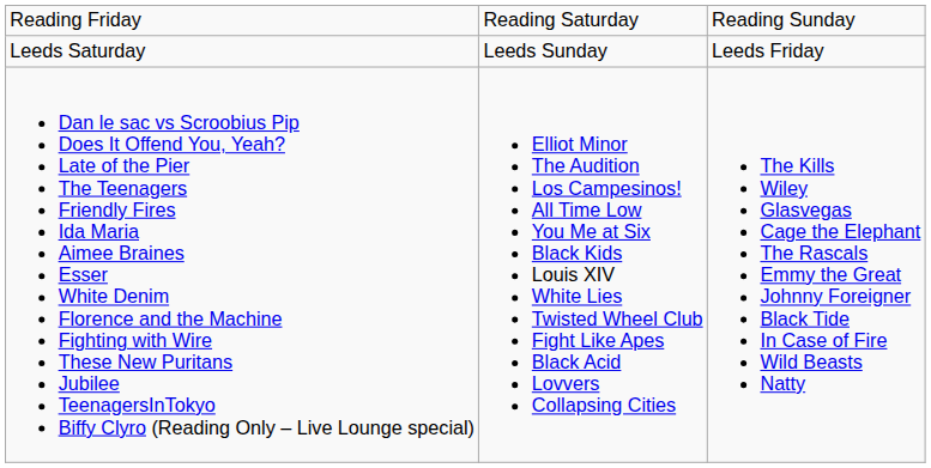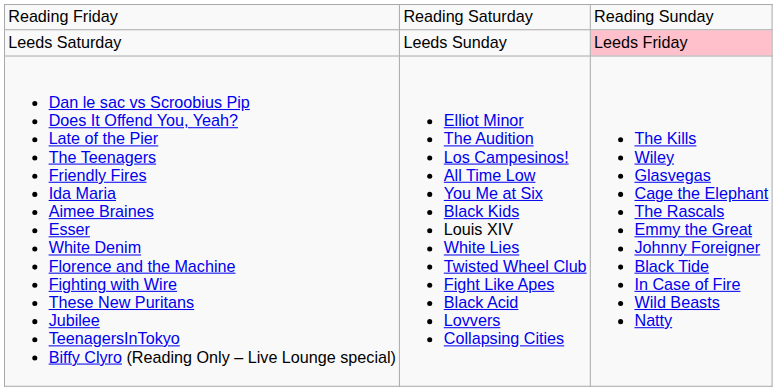 <table class="wikitable">
 <tr>
 <td>Reading Friday</td>
 <td>Reading Saturday</td>
 <td>Reading Sunday</td>
 </tr>
 <tr>
 <td>Leeds Saturday</td>
 <td>Leeds Sunday</td>
-<td>Leeds Friday</td>
+<td style="background: pink;">Leeds Friday</td>
 </tr>
 <tr>
 <td><br><ul><li><a href='#'>Dan le sac vs Scroobius Pip</a></li><li><a href='#'>Does It Offend You, Yeah?</a></li><li><a href='#'>Late of the Pier</a></li><li><a href='#'>The Teenagers</a></li><li><a href='#'>Friendly Fires</a></li><li><a href='#'>Ida Maria</a></li><li><a href='#'>Aimee Braines</a></li><li><a href='#'>Esser</a></li><li><a href='#'>White Denim</a></li><li><a href='#'>Florence and the Machine</a></li><li><a href='#'>Fighting with Wire</a></li><li><a href='#'>These New Puritans</a></li><li><a href='#'>Jubilee</a></li><li><a href='#'>TeenagersInTokyo</a></li><li><a href='#'>Biffy Clyro</a> (Reading Only – Live Lounge special)</li></ul></td>
 <td><br><ul><li><a href='#'>Elliot Minor</a></li><li><a href='#'>The Audition</a></li><li><a href='#'>Los Campesinos!</a></li><li><a href='#'>All Time Low</a></li><li><a href='#'>You Me at Six</a></li><li><a href='#'>Black Kids</a></li><li>Louis XIV</li><li><a href='#'>White Lies</a></li><li><a href='#'>Twisted Wheel Club</a></li><li><a href='#'>Fight Like Apes</a></li><li><a href='#'>Black Acid</a></li><li><a href='#'>Lovvers</a></li><li><a href='#'>Collapsing Cities</a></li></ul></td>
 <td><br><ul><li><a href='#'>The Kills</a></li><li><a href='#'>Wiley</a></li><li><a href='#'>Glasvegas</a></li><li><a href='#'>Cage the Elephant</a></li><li><a href='#'>The Rascals</a></li><li><a href='#'>Emmy the Great</a></li><li><a href='#'>Johnny Foreigner</a></li><li><a href='#'>Black Tide</a></li><li><a href='#'>In Case of Fire</a></li><li><a href='#'>Wild Beasts</a></li><li><a href='#'>Natty</a></li></ul></td>
 </tr>
 </table>
